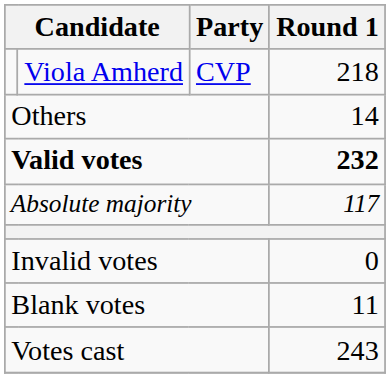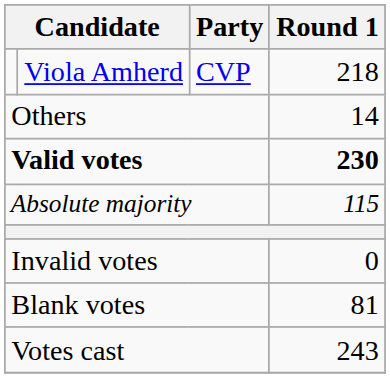 <table class="wikitable" style="text-align:right;">
 <tr>
 <th colspan=2>Candidate</th>
 <th>Party</th>
 <th>Round 1</th>
 </tr>
 <tr>
 <td style="background-color:"></td>
 <td style="text-align:left;"><a href='#'>Viola Amherd</a></td>
 <td style="text-align:left;"><a href='#'>CVP</a></td>
 <td>218</td>
 </tr>
 <tr>
 <td colspan=3 style="text-align:left;">Others</td>
 <td>14</td>
 </tr>
 <tr style="font-weight:bold;">
 <td colspan=3 style="text-align:left;">Valid votes</td>
-<td>232</td>
+<td>230</td>
 </tr>
 <tr style="font-style:italic; font-size:90%;">
 <td colspan=3 style="text-align:left;">Absolute majority</td>
-<td>117</td>
+<td>115</td>
 </tr>
 <tr>
 <th colspan=10></th>
 </tr>
 <tr>
 <td colspan=3 style="text-align:left;">Invalid votes</td>
 <td>0</td>
 </tr>
 <tr>
 <td colspan=3 style="text-align:left;">Blank votes</td>
-<td>11</td>
+<td>81</td>
 </tr>
 <tr>
 <td colspan=3 style="text-align:left;">Votes cast</td>
 <td>243</td>
 </tr>
 <tr>
 </tr>
 </table>
